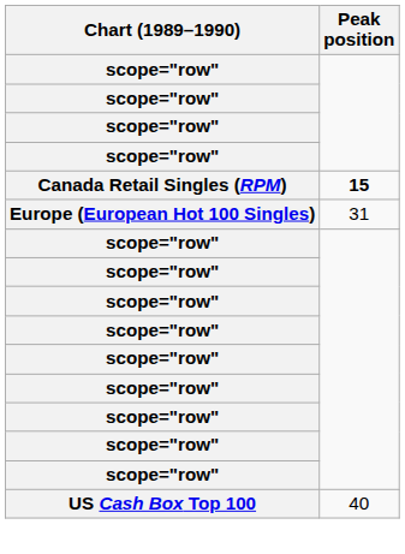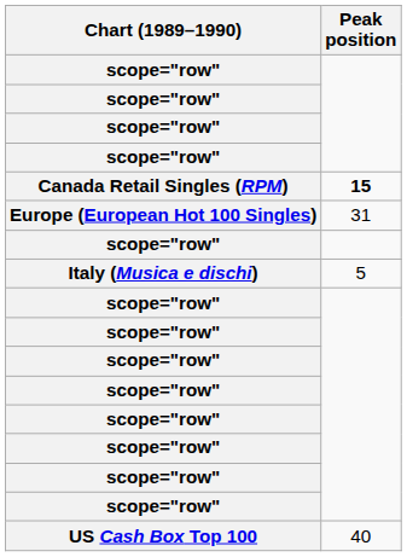 <table class="wikitable plainrowheaders sortable" style="text-align:center;">
 <tr>
 <th scope="col">Chart (1989–1990)</th>
 <th scope="col">Peak<br>position</th>
 </tr>
 <tr>
 <th>scope="row" </th>
 </tr>
 <tr>
 <th>scope="row" </th>
 </tr>
 <tr>
 <th>scope="row" </th>
 </tr>
 <tr>
 <th>scope="row" </th>
 </tr>
 <tr>
 <th scope="row">Canada Retail Singles (<em><a href='#'>RPM</a></em>)</th>
 <td><strong>15</strong></td>
 </tr>
 <tr>
 <th scope="row">Europe (<a href='#'>European Hot 100 Singles</a>)</th>
 <td>31</td>
 </tr>
 <tr>
 <th>scope="row" </th>
+</tr>
+<tr>
+<th scope="row">Italy (<em><a href='#'>Musica e dischi</a></em>)</th>
+<td>5</td>
 </tr>
 <tr>
 <th>scope="row" </th>
 </tr>
 <tr>
 <th>scope="row" </th>
 </tr>
 <tr>
 <th>scope="row" </th>
 </tr>
 <tr>
 <th>scope="row" </th>
 </tr>
 <tr>
 <th>scope="row" </th>
 </tr>
 <tr>
 <th>scope="row" </th>
 </tr>
 <tr>
 <th>scope="row" </th>
 </tr>
 <tr>
 <th>scope="row" </th>
 </tr>
 <tr>
 <th scope="row">US <a href='#'><em>Cash Box</em> Top 100</a></th>
 <td>40</td>
 </tr>
 </table>
